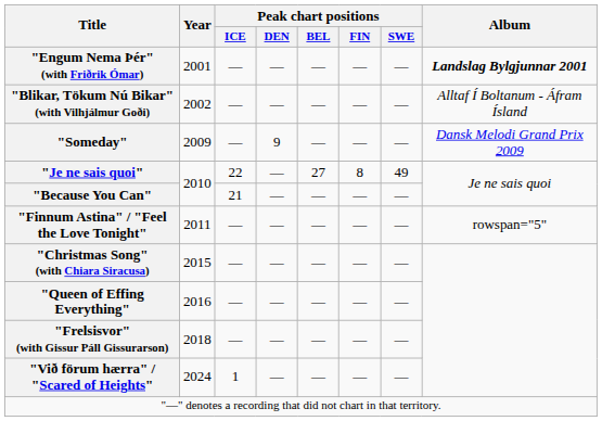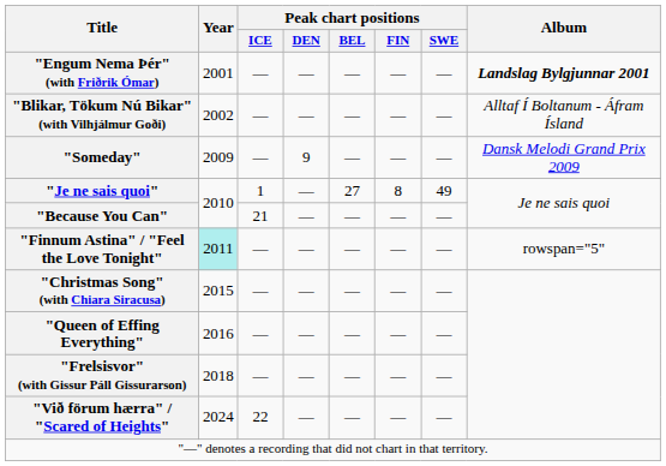 <table class="wikitable plainrowheaders" style="text-align:center;">
 <tr>
 <th scope="col" rowspan="2" style="width:12em;">Title</th>
 <th scope="col" rowspan="2" style="width:2em;">Year</th>
 <th scope="col" colspan="5">Peak chart positions</th>
 <th scope="col" rowspan="2" style="width:12em;">Album</th>
 </tr>
 <tr>
 <th style="width:3em;font-size:85%"><a href='#'>ICE</a><br></th>
 <th style="width:3em;font-size:85%"><a href='#'>DEN</a></th>
 <th style="width:3em;font-size:85%"><a href='#'>BEL</a></th>
 <th style="width:3em;font-size:85%"><a href='#'>FIN</a></th>
 <th style="width:3em;font-size:85%"><a href='#'>SWE</a></th>
 </tr>
 <tr>
 <th scope="row">"Engum Nema Þér"<br> <small>(with <a href='#'>Friðrik Ómar</a>)</small></th>
 <td>2001</td>
 <td>—</td>
 <td>—</td>
 <td>—</td>
 <td>—</td>
 <td>—</td>
 <td><strong><em>Landslag Bylgjunnar 2001</em></strong></td>
 </tr>
 <tr>
 <th scope="row">"Blikar, Tökum Nú Bikar"<br><small>(with Vilhjálmur Goði)</small></th>
 <td>2002</td>
 <td>—</td>
 <td>—</td>
 <td>—</td>
 <td>—</td>
 <td>—</td>
 <td><em>Alltaf Í Boltanum - Áfram Ísland</em></td>
 </tr>
 <tr>
 <th scope="row">"Someday"</th>
 <td>2009</td>
 <td>—</td>
 <td>9</td>
 <td>—</td>
 <td>—</td>
 <td>—</td>
 <td><em><a href='#'>Dansk Melodi Grand Prix 2009</a></em></td>
 </tr>
 <tr>
 <th scope="row">"<a href='#'>Je ne sais quoi</a>"</th>
 <td rowspan="2">2010</td>
-<td>22</td>
+<td>1</td>
 <td>—</td>
 <td>27</td>
 <td>8</td>
 <td>49</td>
 <td rowspan="2"><em>Je ne sais quoi</em></td>
 </tr>
 <tr>
 <th scope="row">"Because You Can"</th>
 <td>21</td>
 <td>—</td>
 <td>—</td>
 <td>—</td>
 <td>—</td>
 </tr>
 <tr>
 <th scope="row">"Finnum Astina" / "Feel the Love Tonight"</th>
-<td>2011</td>
+<td style="background: paleturquoise;">2011</td>
 <td>—</td>
 <td>—</td>
 <td>—</td>
 <td>—</td>
 <td>—</td>
 <td>rowspan="5" </td>
 </tr>
 <tr>
 <th scope="row">"Christmas Song" <br><small>(with <a href='#'>Chiara Siracusa</a>)</small></th>
 <td>2015</td>
 <td>—</td>
 <td>—</td>
 <td>—</td>
 <td>—</td>
 <td>—</td>
 </tr>
 <tr>
 <th scope="row">"Queen of Effing Everything"</th>
 <td>2016</td>
 <td>—</td>
 <td>—</td>
 <td>—</td>
 <td>—</td>
 <td>—</td>
 </tr>
 <tr>
 <th scope="row">"Frelsisvor" <br><small>(with Gissur Páll Gissurarson)</small></th>
 <td>2018</td>
 <td>—</td>
 <td>—</td>
 <td>—</td>
 <td>—</td>
 <td>—</td>
 </tr>
 <tr>
 <th scope="row">"Við förum hærra" / "<a href='#'>Scared of Heights</a>"</th>
 <td>2024</td>
-<td>1</td>
+<td>22</td>
 <td>—</td>
 <td>—</td>
 <td>—</td>
 <td>—</td>
 </tr>
 <tr>
 <td colspan="12" style="font-size:85%">"—" denotes a recording that did not chart in that territory.</td>
 </tr>
 </table>
